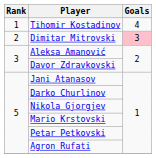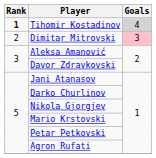 <table class="wikitable">
 <tr>
 <th>Rank</th>
 <th>Player</th>
 <th>Goals</th>
 </tr>
 <tr>
-<td align=center>1</td>
+<td align=center><strong>1</strong></td>
 <td><a href='#'>Tihomir Kostadinov</a></td>
-<td align=center>4</td>
+<td align=center style="background: lightgrey;">4</td>
 </tr>
 <tr>
 <td align=center>2</td>
 <td><a href='#'>Dimitar Mitrovski</a></td>
 <td align=center style="background: pink;">3</td>
 </tr>
 <tr>
 <td align=center rowspan=2>3</td>
 <td><a href='#'>Aleksa Amanović</a></td>
 <td align=center rowspan=2>2</td>
 </tr>
 <tr>
 <td><a href='#'>Davor Zdravkovski</a></td>
 </tr>
 <tr>
 <td align=center rowspan=6>5</td>
 <td><a href='#'>Jani Atanasov</a></td>
 <td align=center rowspan=6>1</td>
 </tr>
 <tr>
 <td><a href='#'>Darko Churlinov</a></td>
 </tr>
 <tr>
 <td><a href='#'>Nikola Gjorgjev</a></td>
 </tr>
 <tr>
 <td><a href='#'>Mario Krstovski</a></td>
 </tr>
 <tr>
 <td><a href='#'>Petar Petkovski</a></td>
 </tr>
 <tr>
 <td><a href='#'>Agron Rufati</a></td>
 </tr>
 <tr>
 </tr>
 </table>
